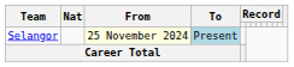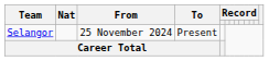 <table class="wikitable" style="text-align: center;">
 <tr>
 <th rowspan="2">Team</th>
 <th rowspan="2">Nat</th>
 <th rowspan="2">From</th>
 <th rowspan="2">To</th>
 <th colspan="8">Record</th>
 <th rowspan="2"></th>
 </tr>
 <tr>
 <th></th>
 <th></th>
 <th></th>
 <th></th>
 <th></th>
 <th></th>
 <th></th>
 <th></th>
 </tr>
 <tr>
 <td align="left"><a href='#'>Selangor</a></td>
 <td></td>
-<td align="left" style="background: lightyellow;">25 November 2024</td>
-<td align="left" style="background: lightblue;">Present<br></td>
+<td align="left">25 November 2024</td>
+<td align="left">Present<br></td>
 <td></td>
 </tr>
 <tr>
 <th colspan="4">Career Total<br></th>
 <th></th>
 </tr>
 </table>
